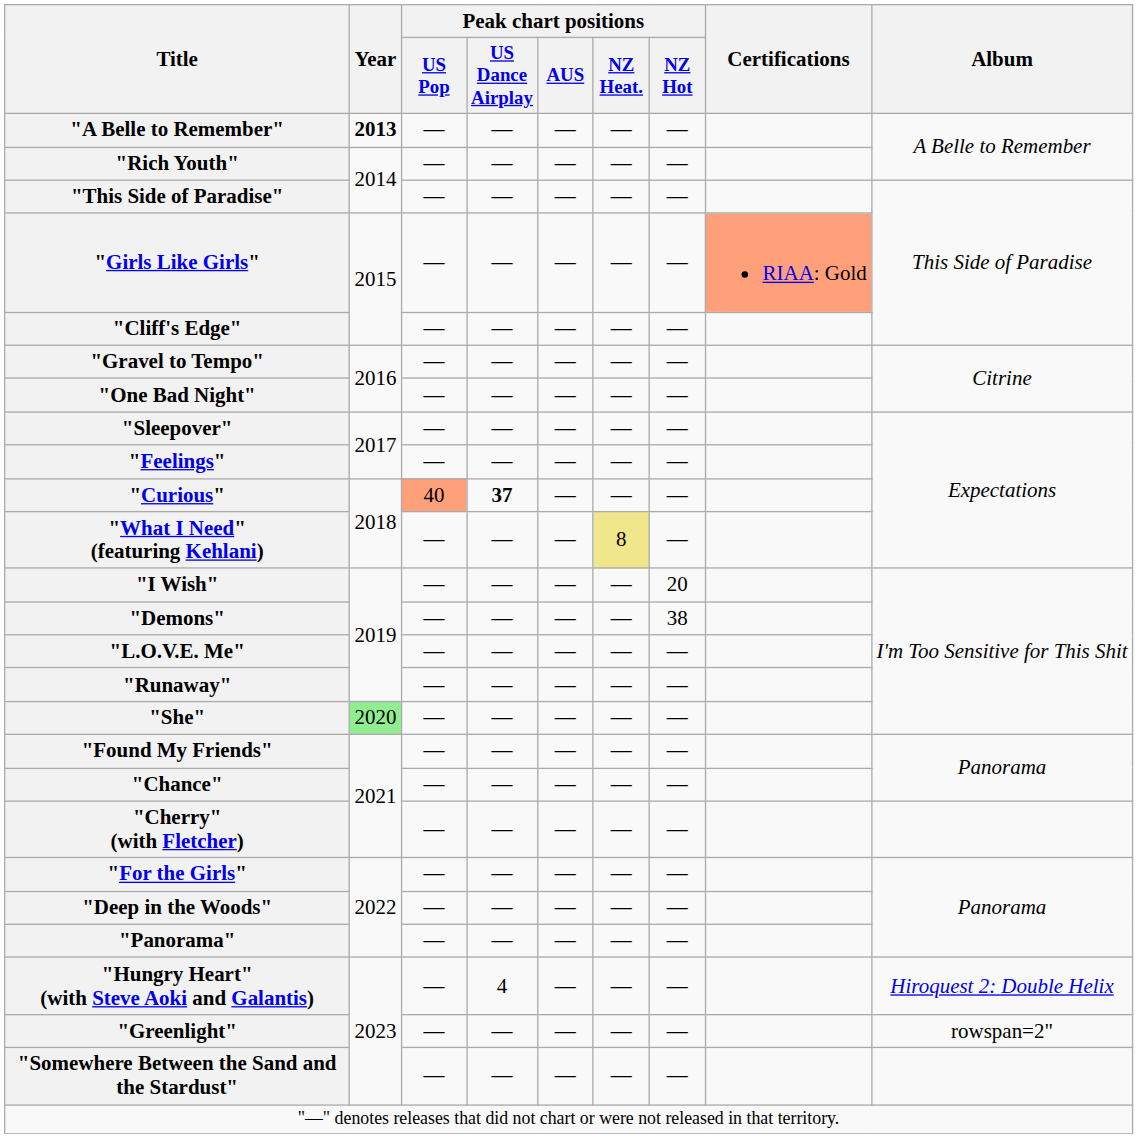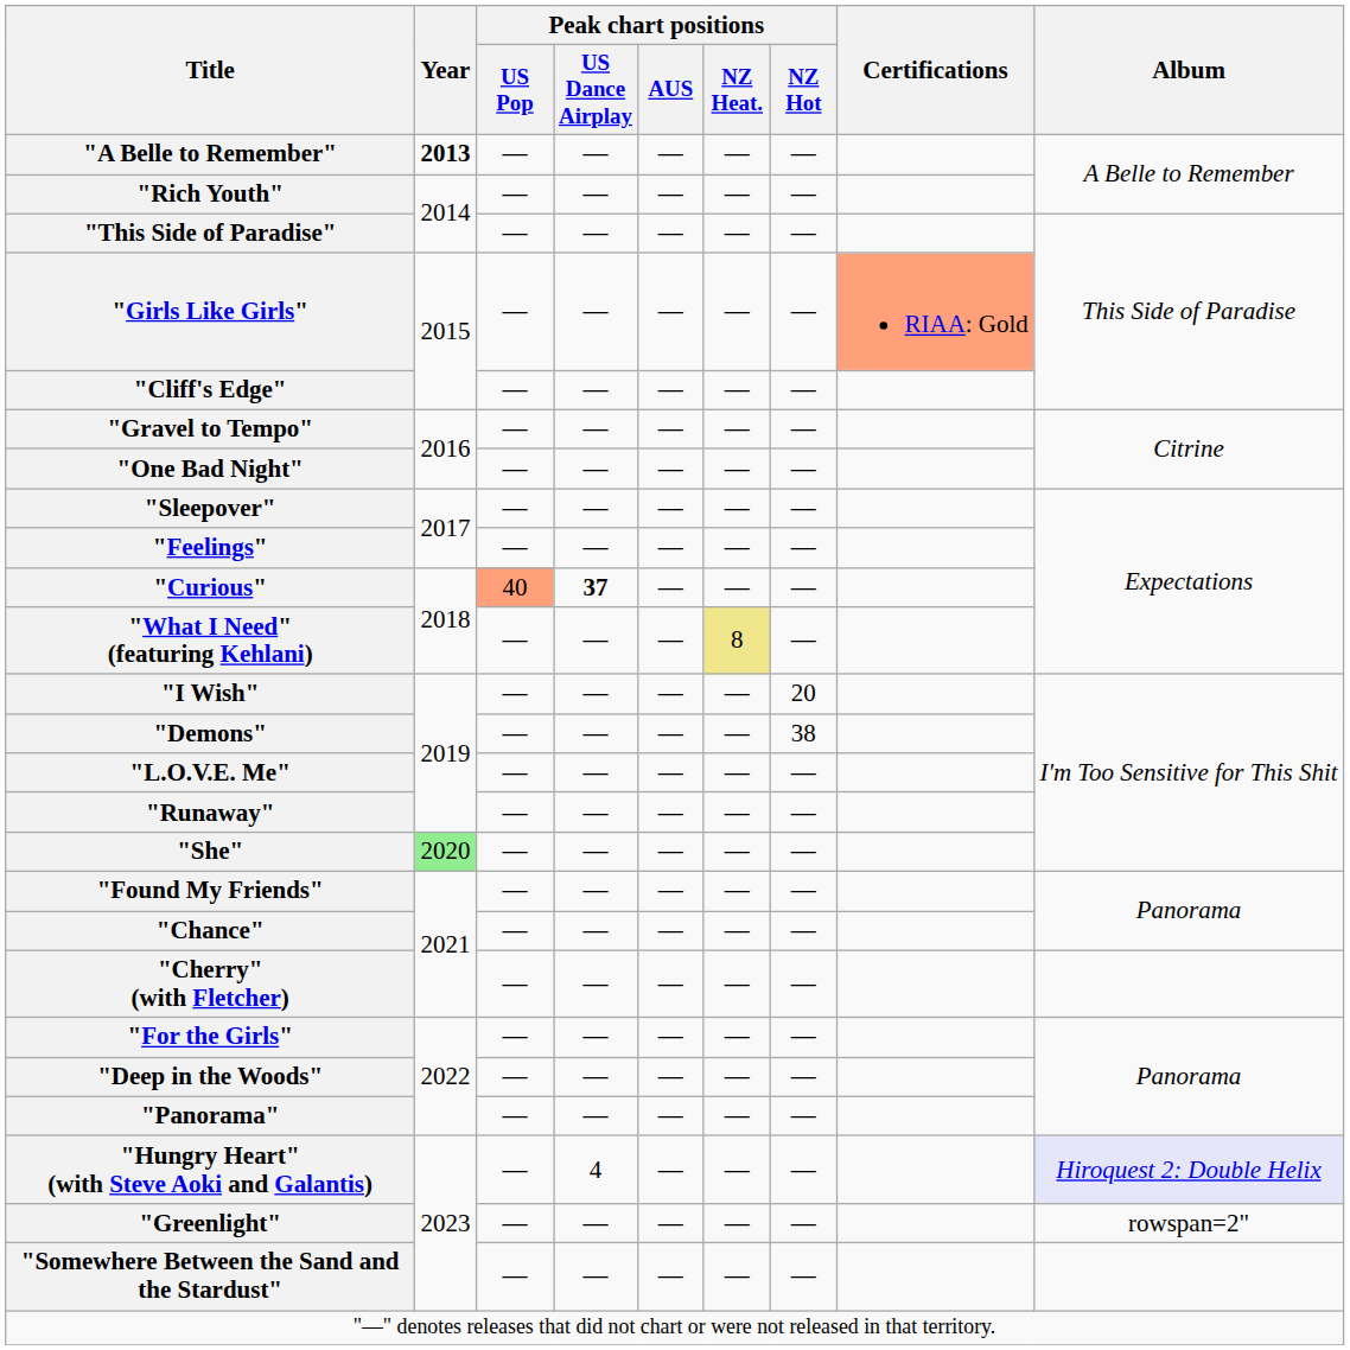 <table class="wikitable plainrowheaders" style="text-align:center;" border="1">
 <tr>
 <th scope="col" rowspan="2" style="width:16em;">Title</th>
 <th scope="col" rowspan="2">Year</th>
 <th colspan="5">Peak chart positions</th>
 <th scope="col" rowspan="2">Certifications</th>
 <th scope="col" rowspan="2">Album</th>
 </tr>
 <tr>
 <th scope="col" style="width:3em;font-size:90%;"><a href='#'>US<br>Pop</a><br></th>
 <th scope="col" style="width:3em;font-size:90%;"><a href='#'>US<br>Dance<br>Airplay</a><br></th>
 <th scope="col" style="width:2.5em;font-size:90%;"><a href='#'>AUS</a><br></th>
 <th scope="col" style="width:2.5em;font-size:90%;"><a href='#'>NZ<br>Heat.</a><br></th>
 <th scope="col" style="width:2.5em;font-size:90%;"><a href='#'>NZ<br>Hot</a><br></th>
 </tr>
 <tr>
 <th scope="row">"A Belle to Remember"</th>
 <td><strong>2013</strong></td>
 <td>—</td>
 <td>—</td>
 <td>—</td>
 <td>—</td>
 <td>—</td>
 <td></td>
 <td rowspan="2"><em>A Belle to Remember</em></td>
 </tr>
 <tr>
 <th scope="row">"Rich Youth"</th>
 <td rowspan="2">2014</td>
 <td>—</td>
 <td>—</td>
 <td>—</td>
 <td>—</td>
 <td>—</td>
 <td></td>
 </tr>
 <tr>
 <th scope="row">"This Side of Paradise"</th>
 <td>—</td>
 <td>—</td>
 <td>—</td>
 <td>—</td>
 <td>—</td>
 <td></td>
 <td rowspan="3"><em>This Side of Paradise</em></td>
 </tr>
 <tr>
 <th scope="row">"<a href='#'>Girls Like Girls</a>"</th>
 <td rowspan="2">2015</td>
 <td>—</td>
 <td>—</td>
 <td>—</td>
 <td>—</td>
 <td>—</td>
 <td style="background: lightsalmon;"><br><ul><li><a href='#'>RIAA</a>: Gold</li></ul></td>
 </tr>
 <tr>
 <th scope="row">"Cliff's Edge"</th>
 <td>—</td>
 <td>—</td>
 <td>—</td>
 <td>—</td>
 <td>—</td>
 <td></td>
 </tr>
 <tr>
 <th scope="row">"Gravel to Tempo"</th>
 <td rowspan="2">2016</td>
 <td>—</td>
 <td>—</td>
 <td>—</td>
 <td>—</td>
 <td>—</td>
 <td></td>
 <td rowspan="2"><em>Citrine</em></td>
 </tr>
 <tr>
 <th scope="row">"One Bad Night"</th>
 <td>—</td>
 <td>—</td>
 <td>—</td>
 <td>—</td>
 <td>—</td>
 <td></td>
 </tr>
 <tr>
 <th scope="row">"Sleepover"</th>
 <td rowspan="2">2017</td>
 <td>—</td>
 <td>—</td>
 <td>—</td>
 <td>—</td>
 <td>—</td>
 <td></td>
 <td rowspan="4"><em>Expectations</em></td>
 </tr>
 <tr>
 <th scope="row">"<a href='#'>Feelings</a>"</th>
 <td>—</td>
 <td>—</td>
 <td>—</td>
 <td>—</td>
 <td>—</td>
 <td></td>
 </tr>
 <tr>
 <th scope="row">"<a href='#'>Curious</a>"</th>
 <td rowspan="2">2018</td>
 <td style="background: lightsalmon;">40</td>
 <td><strong>37</strong></td>
 <td>—</td>
 <td>—</td>
 <td>—</td>
 <td></td>
 </tr>
 <tr>
 <th scope="row">"<a href='#'>What I Need</a>"<br><span>(featuring <a href='#'>Kehlani</a>)</span></th>
 <td>—</td>
 <td>—</td>
 <td>—</td>
 <td style="background: khaki;">8</td>
 <td>—</td>
 <td></td>
 </tr>
 <tr>
 <th scope="row">"I Wish"</th>
 <td rowspan="4">2019</td>
 <td>—</td>
 <td>—</td>
 <td>—</td>
 <td>—</td>
 <td>20</td>
 <td></td>
 <td rowspan="5"><em>I'm Too Sensitive for This Shit</em></td>
 </tr>
 <tr>
 <th scope="row">"Demons"</th>
 <td>—</td>
 <td>—</td>
 <td>—</td>
 <td>—</td>
 <td>38</td>
 <td></td>
 </tr>
 <tr>
 <th scope="row">"L.O.V.E. Me"</th>
 <td>—</td>
 <td>—</td>
 <td>—</td>
 <td>—</td>
 <td>—</td>
 <td></td>
 </tr>
 <tr>
 <th scope="row">"Runaway"</th>
 <td>—</td>
 <td>—</td>
 <td>—</td>
 <td>—</td>
 <td>—</td>
 <td></td>
 </tr>
 <tr>
 <th scope="row">"She"</th>
 <td style="background: lightgreen;">2020</td>
 <td>—</td>
 <td>—</td>
 <td>—</td>
 <td>—</td>
 <td>—</td>
 <td></td>
 </tr>
 <tr>
 <th scope="row">"Found My Friends"</th>
 <td rowspan="3">2021</td>
 <td>—</td>
 <td>—</td>
 <td>—</td>
 <td>—</td>
 <td>—</td>
 <td></td>
 <td rowspan="2"><em>Panorama</em></td>
 </tr>
 <tr>
 <th scope="row">"Chance"</th>
 <td>—</td>
 <td>—</td>
 <td>—</td>
 <td>—</td>
 <td>—</td>
 <td></td>
 </tr>
 <tr>
 <th scope="row">"Cherry"<br><span>(with <a href='#'>Fletcher</a>)</span></th>
 <td>—</td>
 <td>—</td>
 <td>—</td>
 <td>—</td>
 <td>—</td>
 <td></td>
 <td></td>
 </tr>
 <tr>
 <th scope="row">"<a href='#'>For the Girls</a>"</th>
 <td rowspan="3">2022</td>
 <td>—</td>
 <td>—</td>
 <td>—</td>
 <td>—</td>
 <td>—</td>
 <td></td>
 <td rowspan="3"><em>Panorama</em></td>
 </tr>
 <tr>
 <th scope="row">"Deep in the Woods"</th>
 <td>—</td>
 <td>—</td>
 <td>—</td>
 <td>—</td>
 <td>—</td>
 <td></td>
 </tr>
 <tr>
 <th scope="row">"Panorama"</th>
 <td>—</td>
 <td>—</td>
 <td>—</td>
 <td>—</td>
 <td>—</td>
 <td></td>
 </tr>
 <tr>
 <th scope="row">"Hungry Heart"<br><span>(with <a href='#'>Steve Aoki</a> and <a href='#'>Galantis</a>)</span></th>
 <td rowspan="3">2023</td>
 <td>—</td>
 <td>4</td>
 <td>—</td>
 <td>—</td>
 <td>—</td>
 <td></td>
-<td><em><a href='#'>Hiroquest 2: Double Helix</a></em></td>
+<td style="background: lavender;"><em><a href='#'>Hiroquest 2: Double Helix</a></em></td>
 </tr>
 <tr>
 <th scope="row">"Greenlight"</th>
 <td>—</td>
 <td>—</td>
 <td>—</td>
 <td>—</td>
 <td>—</td>
 <td></td>
 <td>rowspan=2" </td>
 </tr>
 <tr>
 <th scope="row">"Somewhere Between the Sand and the Stardust"</th>
 <td>—</td>
 <td>—</td>
 <td>—</td>
 <td>—</td>
 <td>—</td>
 <td></td>
 </tr>
 <tr>
 <td colspan="13" style="font-size:85%">"—" denotes releases that did not chart or were not released in that territory.</td>
 </tr>
 </table>
